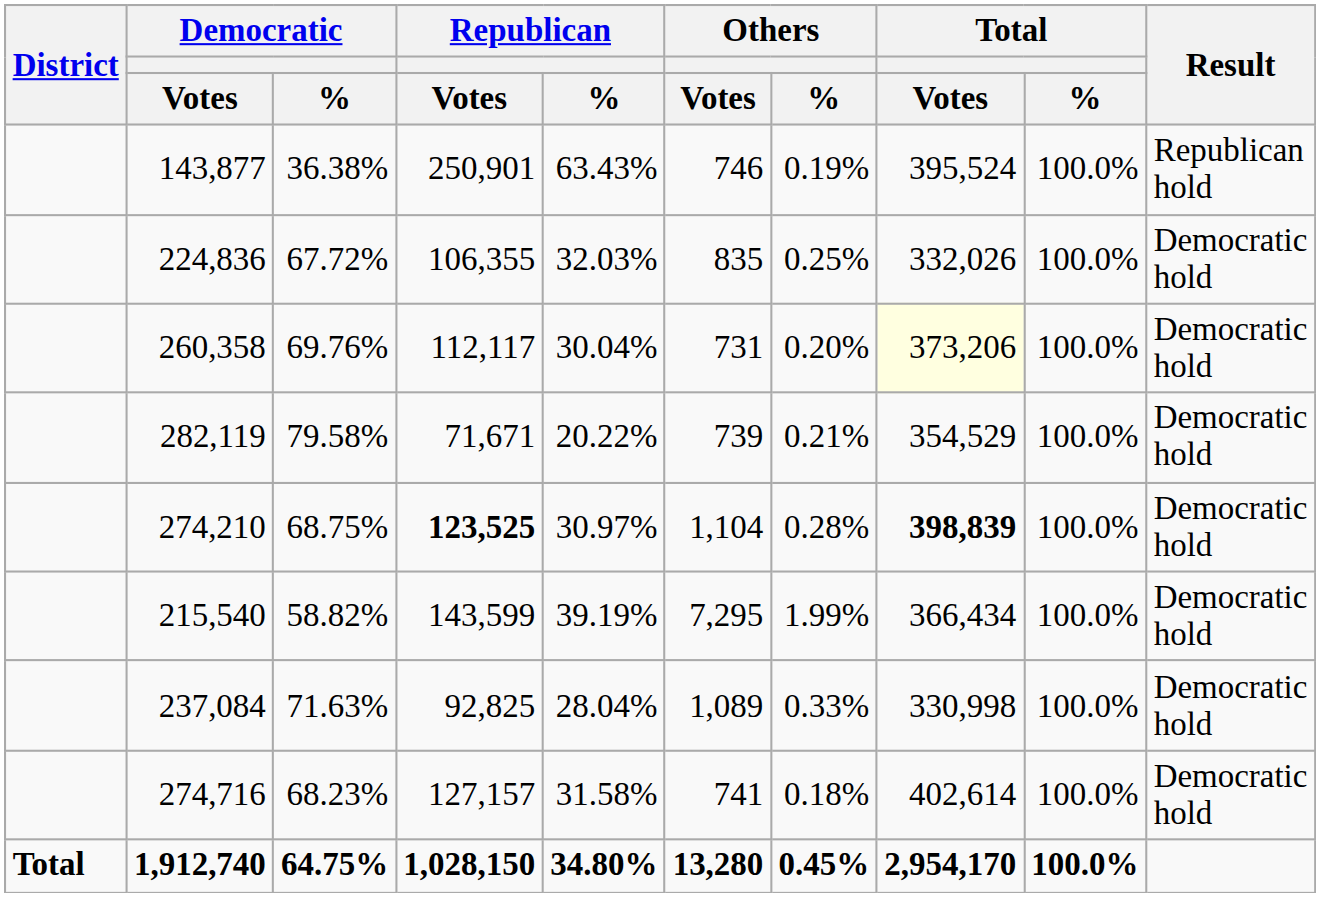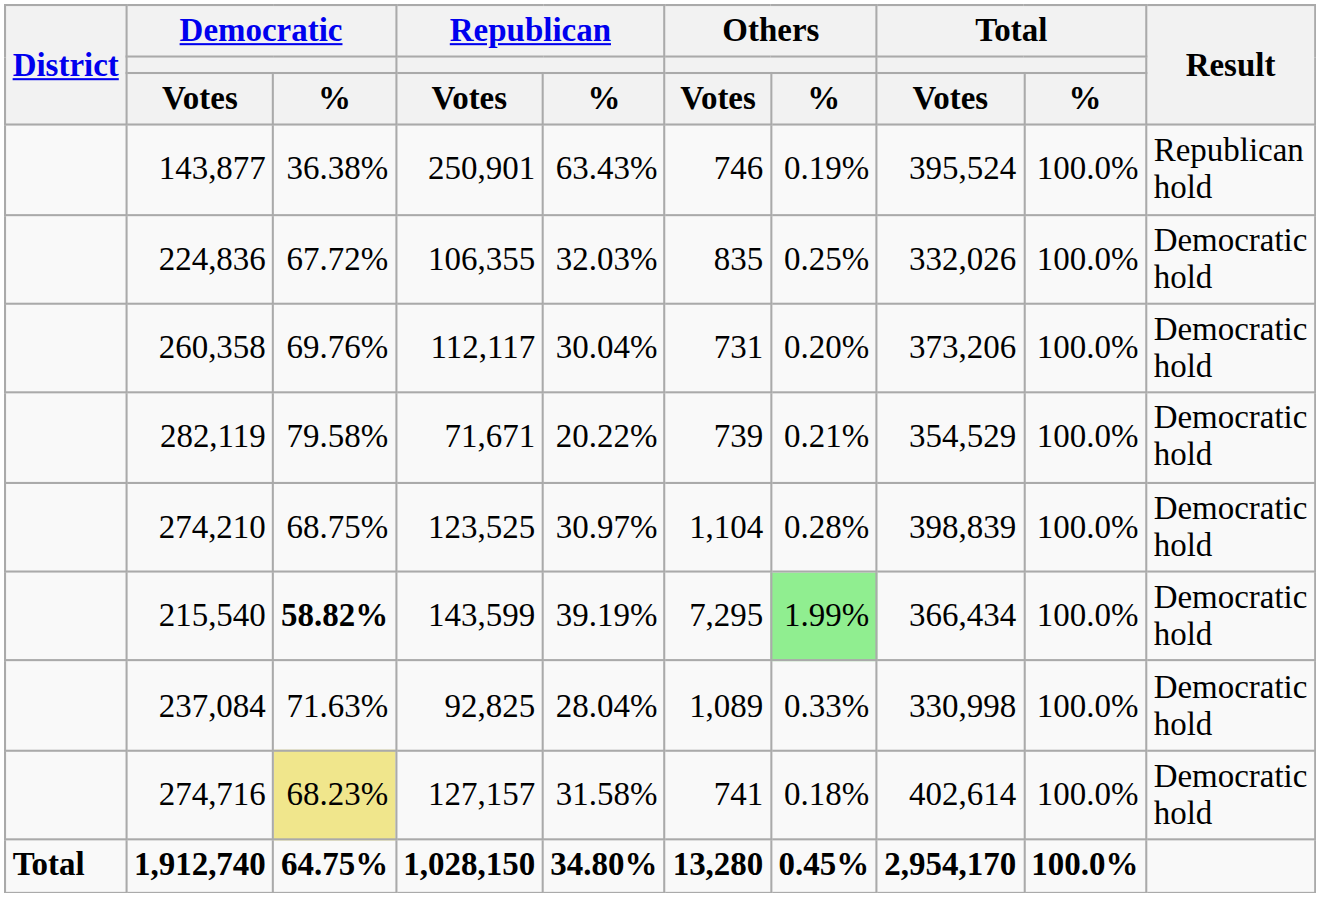 <table class="wikitable plainrowheaders sortable" style="font-size:100%; text-align:right;">
 <tr>
 <th scope=col rowspan=3><a href='#'>District</a></th>
 <th scope=col colspan=2><a href='#'>Democratic</a></th>
 <th scope=col colspan=2><a href='#'>Republican</a></th>
 <th scope=col colspan=2>Others</th>
 <th scope=col colspan=2>Total</th>
 <th scope=col rowspan=3>Result</th>
 </tr>
 <tr>
 <th scope=col colspan=2 style="background:"></th>
 <th scope=col colspan=2 style="background:"></th>
 <th scope=col colspan=2></th>
 <th scope=col colspan=2></th>
 </tr>
 <tr>
 <th scope=col data-sort-type="number">Votes</th>
 <th scope=col data-sort-type="number">%</th>
 <th scope=col data-sort-type="number">Votes</th>
 <th scope=col data-sort-type="number">%</th>
 <th scope=col data-sort-type="number">Votes</th>
 <th scope=col data-sort-type="number">%</th>
 <th scope=col data-sort-type="number">Votes</th>
 <th scope=col data-sort-type="number">%</th>
 </tr>
 <tr>
 <td align=left></td>
 <td>143,877</td>
 <td>36.38%</td>
 <td>250,901</td>
 <td>63.43%</td>
 <td>746</td>
 <td>0.19%</td>
 <td>395,524</td>
 <td>100.0%</td>
 <td align=left>Republican<br>hold</td>
 </tr>
 <tr>
 <td align=left></td>
 <td>224,836</td>
 <td>67.72%</td>
 <td>106,355</td>
 <td>32.03%</td>
 <td>835</td>
 <td>0.25%</td>
 <td>332,026</td>
 <td>100.0%</td>
 <td align=left>Democratic<br>hold</td>
 </tr>
 <tr>
 <td align=left></td>
 <td>260,358</td>
 <td>69.76%</td>
 <td>112,117</td>
 <td>30.04%</td>
 <td>731</td>
 <td>0.20%</td>
-<td style="background: lightyellow;">373,206</td>
+<td>373,206</td>
 <td>100.0%</td>
 <td align=left>Democratic<br>hold</td>
 </tr>
 <tr>
 <td align=left></td>
 <td>282,119</td>
 <td>79.58%</td>
 <td>71,671</td>
 <td>20.22%</td>
 <td>739</td>
 <td>0.21%</td>
 <td>354,529</td>
 <td>100.0%</td>
 <td align=left>Democratic<br>hold</td>
 </tr>
 <tr>
 <td align=left></td>
 <td>274,210</td>
 <td>68.75%</td>
-<td><strong>123,525</strong></td>
+<td>123,525</td>
 <td>30.97%</td>
 <td>1,104</td>
 <td>0.28%</td>
-<td><strong>398,839</strong></td>
+<td>398,839</td>
 <td>100.0%</td>
 <td align=left>Democratic<br>hold</td>
 </tr>
 <tr>
 <td align=left></td>
 <td>215,540</td>
-<td>58.82%</td>
+<td><strong>58.82%</strong></td>
 <td>143,599</td>
 <td>39.19%</td>
 <td>7,295</td>
-<td>1.99%</td>
+<td style="background: lightgreen;">1.99%</td>
 <td>366,434</td>
 <td>100.0%</td>
 <td align=left>Democratic<br>hold</td>
 </tr>
 <tr>
 <td align=left></td>
 <td>237,084</td>
 <td>71.63%</td>
 <td>92,825</td>
 <td>28.04%</td>
 <td>1,089</td>
 <td>0.33%</td>
 <td>330,998</td>
 <td>100.0%</td>
 <td align=left>Democratic<br>hold</td>
 </tr>
 <tr>
 <td align=left></td>
 <td>274,716</td>
-<td>68.23%</td>
+<td style="background: khaki;">68.23%</td>
 <td>127,157</td>
 <td>31.58%</td>
 <td>741</td>
 <td>0.18%</td>
 <td>402,614</td>
 <td>100.0%</td>
 <td align=left>Democratic<br>hold</td>
 </tr>
 <tr class="sortbottom" style="font-weight:bold">
 <td align=left>Total</td>
 <td>1,912,740</td>
 <td>64.75%</td>
 <td>1,028,150</td>
 <td>34.80%</td>
 <td>13,280</td>
 <td>0.45%</td>
 <td>2,954,170</td>
 <td>100.0%</td>
 <td></td>
 </tr>
 </table>
